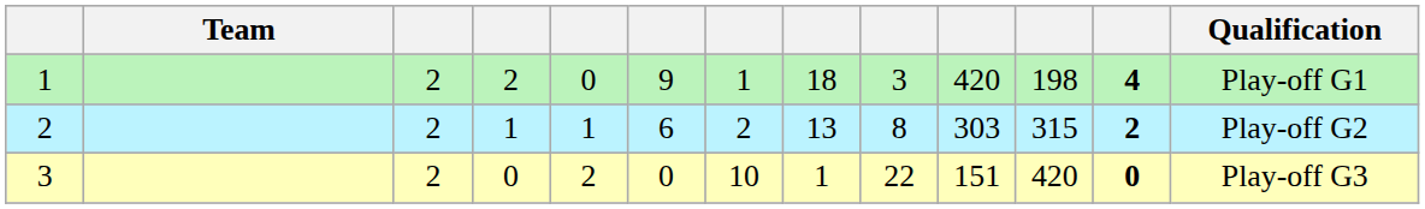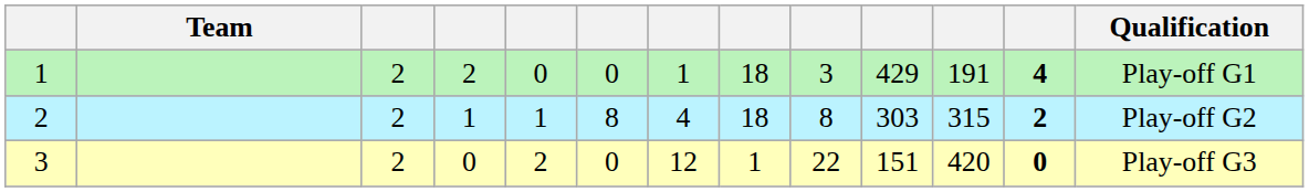 <table class=wikitable style="text-align:center" width=730>
 <tr>
 <th width=5.5%></th>
 <th width=22%>Team</th>
 <th width=5.5%></th>
 <th width=5.5%></th>
 <th width=5.5%></th>
 <th width=5.5%></th>
 <th width=5.5%></th>
 <th width=5.5%></th>
 <th width=5.5%></th>
 <th width=5.5%></th>
 <th width=5.5%></th>
 <th width=5.5%></th>
 <th width=18%>Qualification</th>
 </tr>
 <tr bgcolor=#bbf3bb>
 <td>1</td>
 <td style="text-align:left"></td>
 <td>2</td>
 <td>2</td>
 <td>0</td>
-<td>9</td>
+<td>0</td>
 <td>1</td>
 <td>18</td>
 <td>3</td>
-<td>420</td>
-<td>198</td>
+<td>429</td>
+<td>191</td>
 <td><strong>4</strong></td>
 <td>Play-off G1</td>
 </tr>
 <tr bgcolor=#bbf3ff>
 <td>2</td>
 <td style="text-align:left"></td>
 <td>2</td>
 <td>1</td>
 <td>1</td>
-<td>6</td>
-<td>2</td>
-<td>13</td>
+<td>8</td>
+<td>4</td>
+<td>18</td>
 <td>8</td>
 <td>303</td>
 <td>315</td>
 <td><strong>2</strong></td>
 <td>Play-off G2</td>
 </tr>
 <tr bgcolor=#ffffbb>
 <td>3</td>
 <td style="text-align:left"></td>
 <td>2</td>
 <td>0</td>
 <td>2</td>
 <td>0</td>
-<td>10</td>
+<td>12</td>
 <td>1</td>
 <td>22</td>
 <td>151</td>
 <td>420</td>
 <td><strong>0</strong></td>
 <td>Play-off G3</td>
 </tr>
 </table>
